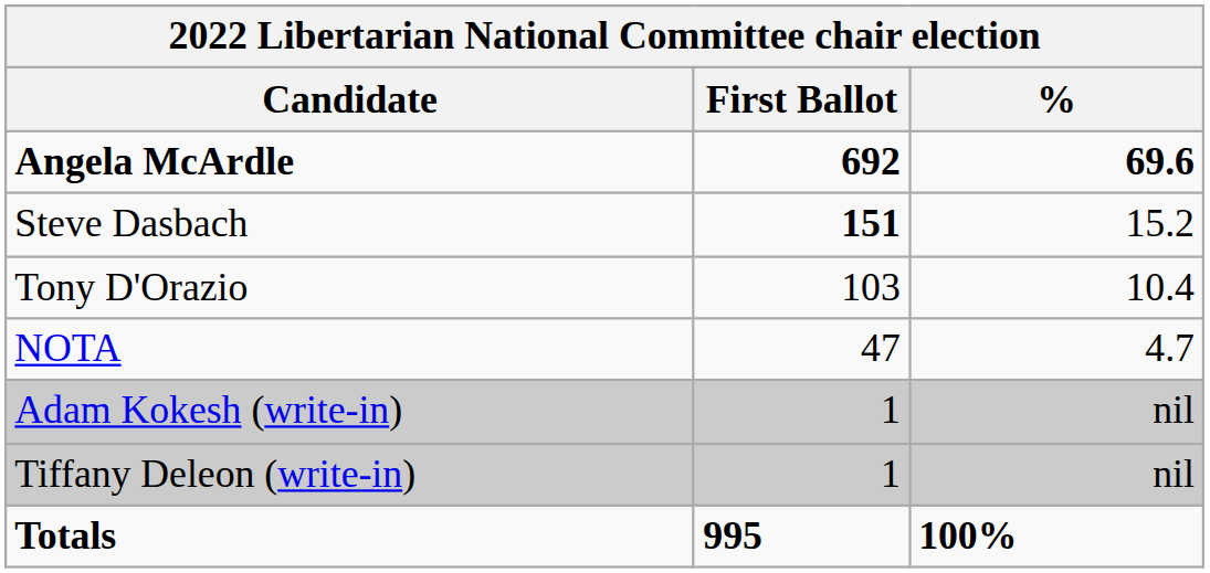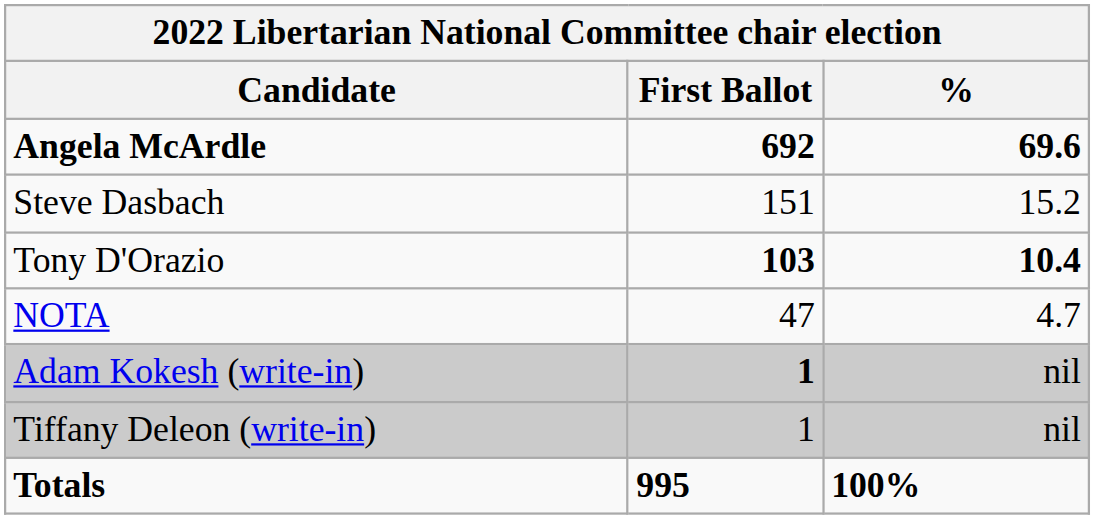 <table class="wikitable" style=font-size: 95%;">
 <tr>
 <th colspan="3">2022 Libertarian National Committee chair election</th>
 </tr>
 <tr style="background:#eee; text-align:center;">
 <th style="width: 17em">Candidate</th>
 <th style="width: 5em">First Ballot</th>
 <th style="width: 7em">%</th>
 </tr>
 <tr>
 <td><strong>Angela McArdle</strong></td>
 <td style="text-align:right;"><strong> 692 </strong></td>
 <td style="text-align:right;"><strong> 69.6 </strong></td>
 </tr>
 <tr>
 <td>Steve Dasbach</td>
-<td style="text-align:right;"><strong>151</strong></td>
+<td style="text-align:right;">151</td>
 <td style="text-align:right;">15.2</td>
 </tr>
 <tr>
 <td>Tony D'Orazio</td>
-<td style="text-align:right;">103</td>
-<td style="text-align:right;">10.4</td>
+<td style="text-align:right;"><strong>103</strong></td>
+<td style="text-align:right;"><strong>10.4</strong></td>
 </tr>
 <tr>
 <td><a href='#'>NOTA</a></td>
 <td style="text-align:right;">47</td>
 <td style="text-align:right;">4.7</td>
 </tr>
 <tr style="background:#cbcbcb">
 <td><a href='#'>Adam Kokesh</a> (<a href='#'>write-in</a>)</td>
-<td style="text-align:right;">1</td>
+<td style="text-align:right;"><strong>1</strong></td>
 <td style="text-align:right;">nil</td>
 </tr>
 <tr style="background:#cbcbcb">
 <td>Tiffany Deleon (<a href='#'>write-in</a>)</td>
 <td style="text-align:right;">1</td>
 <td style="text-align:right;">nil</td>
 </tr>
 <tr>
 <td><strong>Totals</strong></td>
 <td><strong>995</strong></td>
 <td><strong>100%</strong></td>
 </tr>
 </table>
